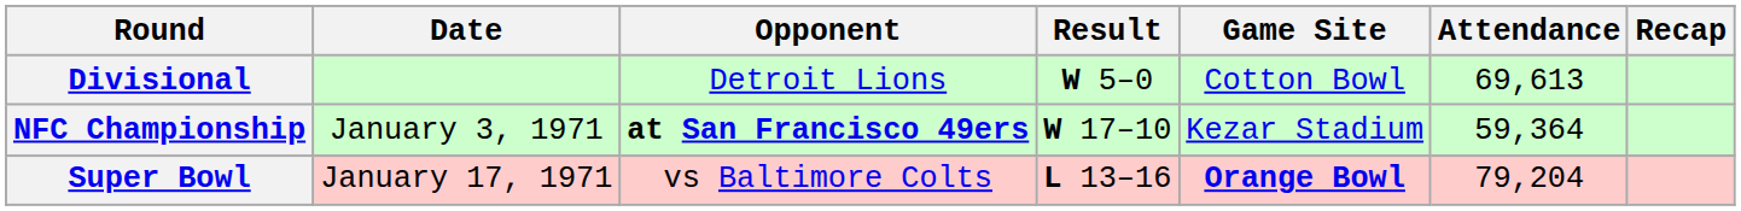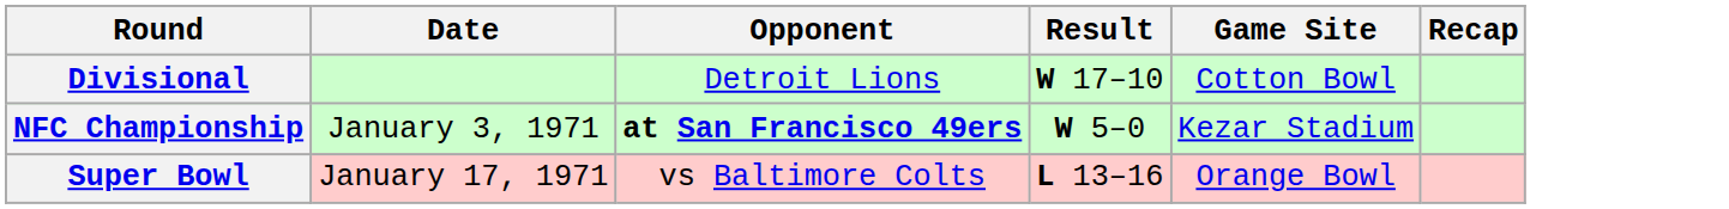 <table class="wikitable" style="text-align:center">
 <tr>
 <th>Round</th>
 <th>Date</th>
 <th>Opponent</th>
 <th>Result</th>
 <th>Game Site</th>
-<th>Attendance</th>
 <th>Recap</th>
 </tr>
 <tr style="background: #cfc">
 <th><a href='#'>Divisional</a></th>
 <td></td>
 <td><a href='#'>Detroit Lions</a></td>
-<td><strong>W</strong> 5–0</td>
+<td><strong>W</strong> 17–10</td>
 <td><a href='#'>Cotton Bowl</a></td>
-<td>69,613</td>
 <td></td>
 </tr>
 <tr style="background: #cfc">
 <th><a href='#'>NFC Championship</a></th>
 <td>January 3, 1971</td>
 <td><strong>at <a href='#'>San Francisco 49ers</a></strong></td>
-<td><strong>W</strong> 17–10</td>
+<td><strong>W</strong> 5–0</td>
 <td><a href='#'>Kezar Stadium</a></td>
-<td>59,364</td>
 <td></td>
 </tr>
 <tr style="background: #fcc">
 <th><a href='#'>Super Bowl</a></th>
 <td>January 17, 1971</td>
 <td>vs <a href='#'>Baltimore Colts</a></td>
 <td><strong>L</strong> 13–16</td>
-<td><strong><a href='#'>Orange Bowl</a></strong></td>
-<td>79,204</td>
+<td><a href='#'>Orange Bowl</a></td>
 <td></td>
 </tr>
 </table>
